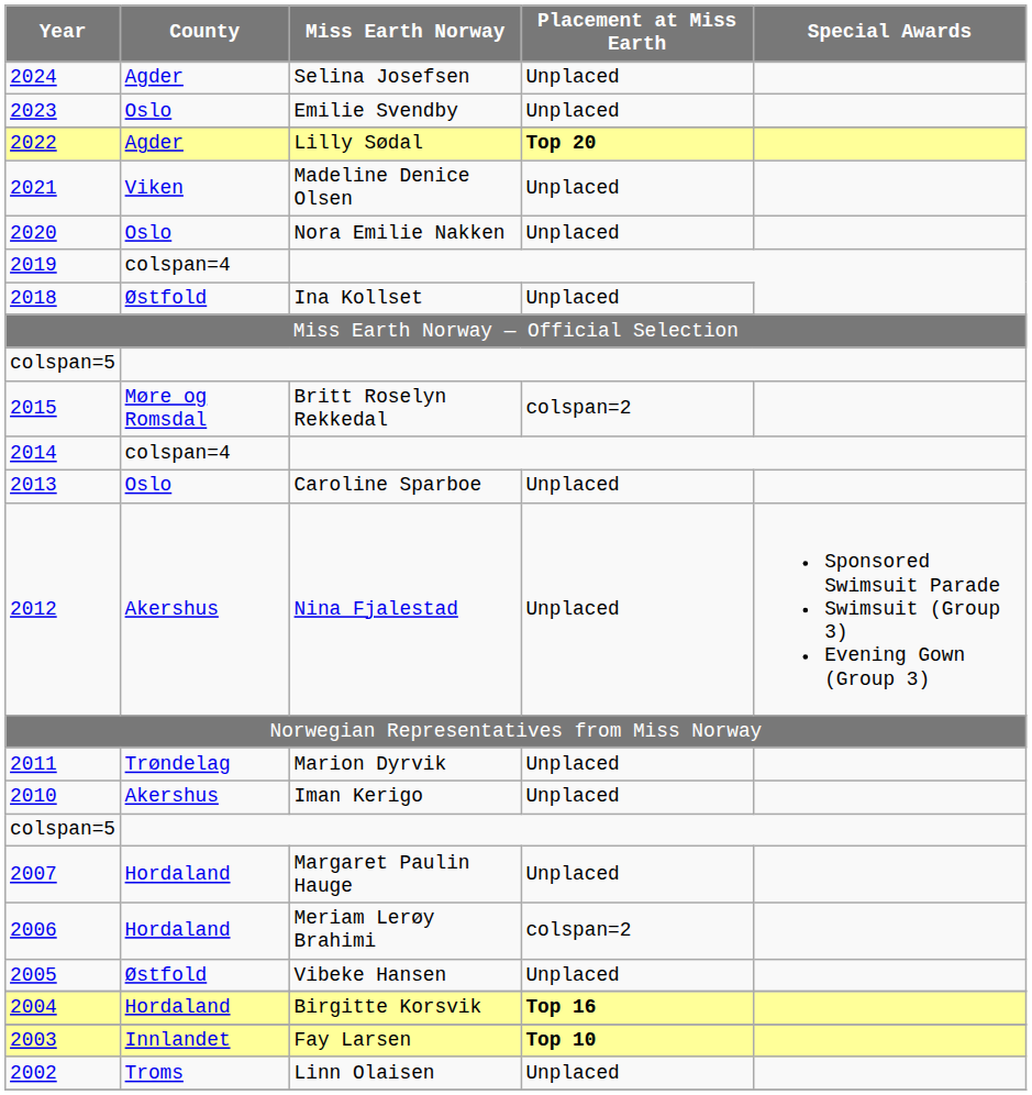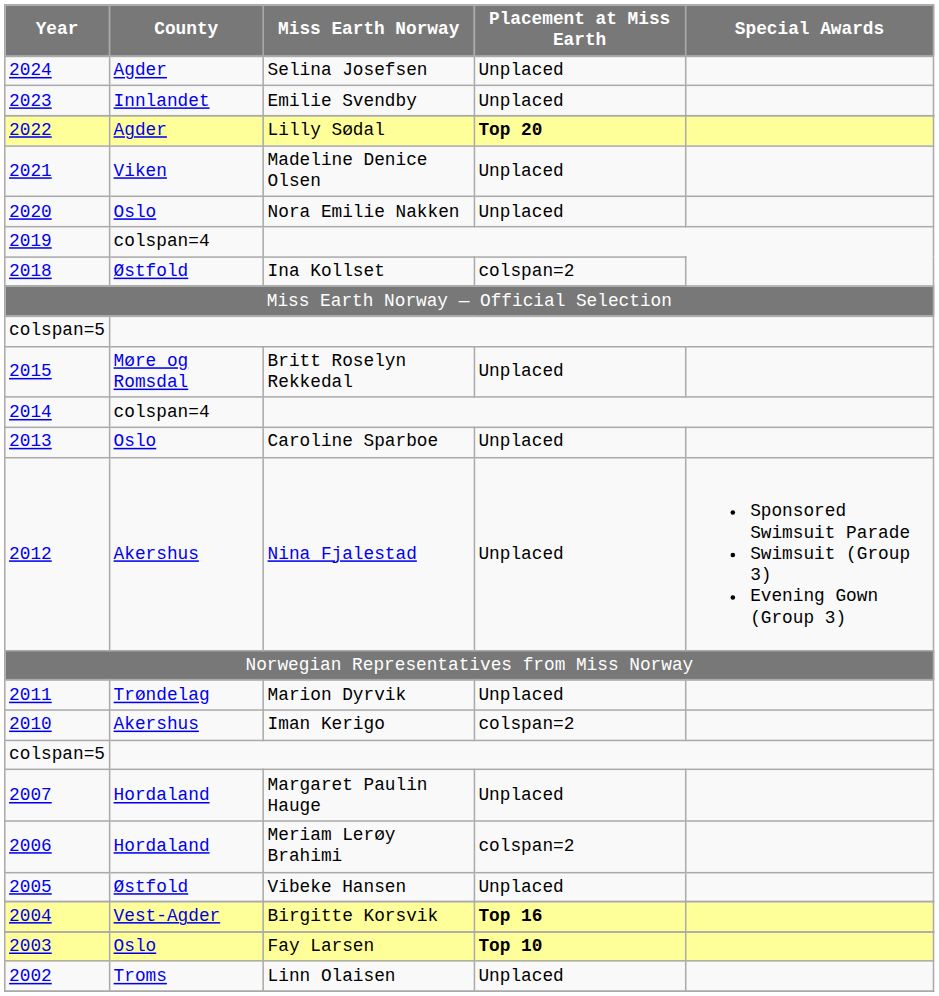 <table class="wikitable " style="font-size: 90%;">
 <tr>
 <th width="60" style="background-color:#787878;color:#FFFFFF;">Year</th>
 <th width="150" style="background-color:#787878;color:#FFFFFF;">County</th>
 <th width="250" style="background-color:#787878;color:#FFFFFF;">Miss Earth Norway</th>
 <th width="250" style="background-color:#787878;color:#FFFFFF;">Placement at Miss Earth</th>
 <th width="250" style="background-color:#787878;color:#FFFFFF;">Special Awards</th>
 </tr>
 <tr>
 <td><a href='#'>2024</a></td>
 <td><a href='#'>Agder</a></td>
 <td>Selina Josefsen</td>
 <td>Unplaced</td>
 <td></td>
 </tr>
 <tr>
 <td><a href='#'>2023</a></td>
-<td><a href='#'>Oslo</a></td>
+<td><a href='#'>Innlandet</a></td>
 <td>Emilie Svendby</td>
 <td>Unplaced</td>
 <td></td>
 </tr>
 <tr>
 </tr>
 <tr style="background-color:#FFFF99;">
 <td><a href='#'>2022</a></td>
 <td><a href='#'>Agder</a></td>
 <td>Lilly Sødal</td>
 <td><strong>Top 20</strong></td>
 <td></td>
 </tr>
 <tr>
 <td><a href='#'>2021</a></td>
 <td><a href='#'>Viken</a></td>
 <td>Madeline Denice Olsen</td>
 <td>Unplaced</td>
 <td></td>
 </tr>
 <tr>
 <td><a href='#'>2020</a></td>
 <td><a href='#'>Oslo</a></td>
 <td>Nora Emilie Nakken</td>
 <td>Unplaced</td>
 <td></td>
 </tr>
 <tr>
 <td><a href='#'>2019</a></td>
 <td>colspan=4 </td>
 </tr>
 <tr>
 <td><a href='#'>2018</a></td>
 <td><a href='#'>Østfold</a></td>
 <td>Ina Kollset</td>
-<td>Unplaced</td>
+<td>colspan=2 </td>
 </tr>
 <tr>
 </tr>
 <tr bgcolor="#787878" align="center">
 <td colspan="5" style="color:white" >Miss Earth Norway — Official Selection</td>
 </tr>
 <tr>
 <td>colspan=5 </td>
 </tr>
 <tr>
 <td><a href='#'>2015</a></td>
 <td><a href='#'>Møre og Romsdal</a></td>
 <td>Britt Roselyn Rekkedal</td>
-<td>colspan=2 </td>
+<td>Unplaced</td>
 <td></td>
 </tr>
 <tr>
 <td><a href='#'>2014</a></td>
 <td>colspan=4 </td>
 </tr>
 <tr>
 <td><a href='#'>2013</a></td>
 <td><a href='#'>Oslo</a></td>
 <td>Caroline Sparboe</td>
 <td>Unplaced</td>
 <td></td>
 </tr>
 <tr>
 <td><a href='#'>2012</a></td>
 <td><a href='#'>Akershus</a></td>
 <td><a href='#'>Nina Fjalestad</a></td>
 <td>Unplaced</td>
 <td align="left"><br><ul><li> Sponsored Swimsuit Parade</li><li> Swimsuit (Group 3)</li><li> Evening Gown (Group 3)</li></ul></td>
 </tr>
 <tr>
 <td colspan="5" style="background-color:#787878; color:white; text-align:center;">Norwegian Representatives from Miss Norway</td>
 </tr>
 <tr>
 <td><a href='#'>2011</a></td>
 <td><a href='#'>Trøndelag</a></td>
 <td>Marion Dyrvik</td>
 <td>Unplaced</td>
 <td></td>
 </tr>
 <tr>
 <td><a href='#'>2010</a></td>
 <td><a href='#'>Akershus</a></td>
 <td>Iman Kerigo</td>
-<td>Unplaced</td>
+<td>colspan=2 </td>
 <td></td>
 </tr>
 <tr>
 <td>colspan=5 </td>
 </tr>
 <tr>
 <td><a href='#'>2007</a></td>
 <td><a href='#'>Hordaland</a></td>
 <td>Margaret Paulin Hauge</td>
 <td>Unplaced</td>
 <td></td>
 </tr>
 <tr>
 <td><a href='#'>2006</a></td>
 <td><a href='#'>Hordaland</a></td>
 <td>Meriam Lerøy Brahimi</td>
 <td>colspan=2 </td>
 <td></td>
 </tr>
 <tr>
 <td><a href='#'>2005</a></td>
 <td><a href='#'>Østfold</a></td>
 <td>Vibeke Hansen</td>
 <td>Unplaced</td>
 <td></td>
 </tr>
 <tr>
 </tr>
 <tr style="background-color:#FFFF99;">
 <td><a href='#'>2004</a></td>
-<td><a href='#'>Hordaland</a></td>
+<td><a href='#'>Vest-Agder</a></td>
 <td>Birgitte Korsvik</td>
 <td><strong>Top 16</strong></td>
 <td></td>
 </tr>
 <tr>
 </tr>
 <tr style="background-color:#FFFF99;">
 <td><a href='#'>2003</a></td>
-<td><a href='#'>Innlandet</a></td>
+<td><a href='#'>Oslo</a></td>
 <td>Fay Larsen</td>
 <td><strong>Top 10</strong></td>
 <td></td>
 </tr>
 <tr>
 <td><a href='#'>2002</a></td>
 <td><a href='#'>Troms</a></td>
 <td>Linn Olaisen</td>
 <td>Unplaced</td>
 <td></td>
 </tr>
 <tr>
 </tr>
 </table>
